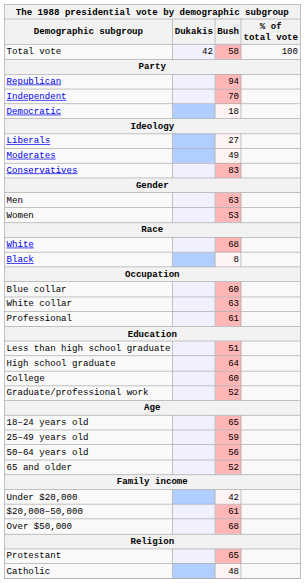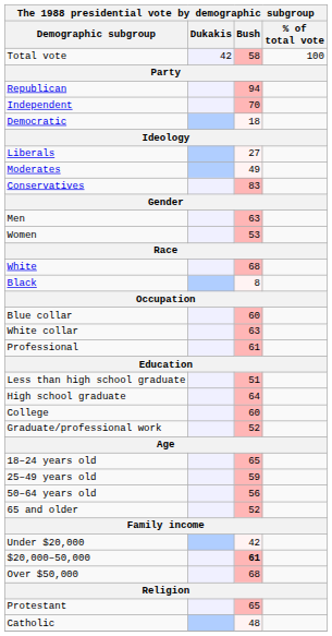 <table class=wikitable>
 <tr>
 <th colspan="7">The 1988 presidential vote by demographic subgroup</th>
 </tr>
 <tr>
 <th>Demographic subgroup</th>
 <th>Dukakis</th>
 <th>Bush</th>
 <th>% of<br>total vote</th>
 </tr>
 <tr>
 <td>Total vote</td>
 <td style="text-align:right; background:#f0f0ff;">42</td>
 <td style="text-align:right; background:#ffb6b6;">58</td>
 <td style="text-align:right;">100</td>
 </tr>
 <tr>
 <th colspan=4>Party</th>
 </tr>
 <tr>
 <td><a href='#'>Republican</a></td>
 <td style="text-align:right; background:#f0f0ff;"></td>
 <td style="text-align:right; background:#ffb6b6;">94</td>
 <td style="text-align:right;"></td>
 </tr>
 <tr>
 <td><a href='#'>Independent</a></td>
 <td style="text-align:right; background:#f0f0ff;"></td>
 <td style="text-align:right; background:#ffb6b6;">70</td>
 <td style="text-align:right;"></td>
 </tr>
 <tr>
 <td><a href='#'>Democratic</a></td>
 <td style="text-align:right; background:#b0ceff;"></td>
 <td style="text-align:right; background:#fff3f3;">18</td>
 <td style="text-align:right;"></td>
 </tr>
 <tr>
 <th colspan=4>Ideology</th>
 </tr>
 <tr>
 <td><a href='#'>Liberals</a></td>
 <td style="text-align:right; background:#b0ceff;"></td>
 <td style="text-align:right; background:#fff3f3;">27</td>
 <td style="text-align:right;"></td>
 </tr>
 <tr>
 <td><a href='#'>Moderates</a></td>
 <td style="text-align:right; background:#b0ceff;"></td>
 <td style="text-align:right; background:#fff3f3;">49</td>
 <td style="text-align:right;"></td>
 </tr>
 <tr>
 <td><a href='#'>Conservatives</a></td>
 <td style="text-align:right; background:#f0f0ff;"></td>
 <td style="text-align:right; background:#ffb6b6;">83</td>
 <td style="text-align:right;"></td>
 </tr>
 <tr>
 <th colspan=4>Gender</th>
 </tr>
 <tr>
 <td>Men</td>
 <td style="text-align:right; background:#f0f0ff;"></td>
 <td style="text-align:right; background:#ffb6b6;">63</td>
 <td style="text-align:right;"></td>
 </tr>
 <tr>
 <td>Women</td>
 <td style="text-align:right; background:#f0f0ff;"></td>
 <td style="text-align:right; background:#ffb6b6;">53</td>
 <td style="text-align:right;"></td>
 </tr>
 <tr>
 <th colspan=4>Race</th>
 </tr>
 <tr>
 <td><a href='#'>White</a></td>
 <td style="text-align:right; background:#f0f0ff;"></td>
 <td style="text-align:right; background:#ffb6b6;">68</td>
 <td style="text-align:right;"></td>
 </tr>
 <tr>
 <td><a href='#'>Black</a></td>
 <td style="text-align:right; background:#b0ceff;"></td>
 <td style="text-align:right; background:#fff3f3;">8</td>
 <td style="text-align:right;"></td>
 </tr>
 <tr>
 <th colspan=4>Occupation</th>
 </tr>
 <tr>
 <td>Blue collar</td>
 <td style="text-align:right; background:#f0f0ff;"></td>
 <td style="text-align:right; background:#ffb6b6;">60</td>
 <td style="text-align:right;"></td>
 </tr>
 <tr>
 <td>White collar</td>
 <td style="text-align:right; background:#f0f0ff;"></td>
 <td style="text-align:right; background:#ffb6b6;">63</td>
 <td style="text-align:right;"></td>
 </tr>
 <tr>
 <td>Professional</td>
 <td style="text-align:right; background:#f0f0ff;"></td>
 <td style="text-align:right; background:#ffb6b6;">61</td>
 <td style="text-align:right;"></td>
 </tr>
 <tr>
 <th colspan=4>Education</th>
 </tr>
 <tr>
 <td>Less than high school graduate</td>
 <td style="text-align:right; background:#f0f0ff;"></td>
 <td style="text-align:right; background:#ffb6b6;">51</td>
 <td style="text-align:right;"></td>
 </tr>
 <tr>
 <td>High school graduate</td>
 <td style="text-align:right; background:#f0f0ff;"></td>
 <td style="text-align:right; background:#ffb6b6;">64</td>
 <td style="text-align:right;"></td>
 </tr>
 <tr>
 <td>College</td>
 <td style="text-align:right; background:#f0f0ff;"></td>
 <td style="text-align:right; background:#ffb6b6;">60</td>
 <td style="text-align:right;"></td>
 </tr>
 <tr>
 <td>Graduate/professional work</td>
 <td style="text-align:right; background:#f0f0ff;"></td>
 <td style="text-align:right; background:#ffb6b6;">52</td>
 <td style="text-align:right;"></td>
 </tr>
 <tr>
 <th colspan=4>Age</th>
 </tr>
 <tr>
 <td>18–24 years old</td>
 <td style="text-align:right; background:#f0f0ff;"></td>
 <td style="text-align:right; background:#ffb6b6;">65</td>
 <td style="text-align:right;"></td>
 </tr>
 <tr>
 <td>25–49 years old</td>
 <td style="text-align:right; background:#f0f0ff;"></td>
 <td style="text-align:right; background:#ffb6b6;">59</td>
 <td style="text-align:right;"></td>
 </tr>
 <tr>
 <td>50–64 years old</td>
 <td style="text-align:right; background:#f0f0ff;"></td>
 <td style="text-align:right; background:#ffb6b6;">56</td>
 <td style="text-align:right;"></td>
 </tr>
 <tr>
 <td>65 and older</td>
 <td style="text-align:right; background:#f0f0ff;"></td>
 <td style="text-align:right; background:#ffb6b6;">52</td>
 <td style="text-align:right;"></td>
 </tr>
 <tr>
 <th colspan=4>Family income</th>
 </tr>
 <tr>
 <td>Under $20,000</td>
 <td style="text-align:right; background:#b0ceff;"></td>
 <td style="text-align:right; background:#fff3f3;">42</td>
 <td style="text-align:right;"></td>
 </tr>
 <tr>
 <td>$20,000–50,000</td>
 <td style="text-align:right; background:#f0f0ff;"></td>
-<td style="text-align:right; background:#ffb6b6;">61</td>
+<td style="text-align:right; background:#ffb6b6;"><strong>61</strong></td>
 <td style="text-align:right;"></td>
 </tr>
 <tr>
 <td>Over $50,000</td>
 <td style="text-align:right; background:#f0f0ff;"></td>
 <td style="text-align:right; background:#ffb6b6;">68</td>
 <td style="text-align:right;"></td>
 </tr>
 <tr>
 <th colspan=4>Religion</th>
 </tr>
 <tr>
 <td>Protestant</td>
 <td style="text-align:right; background:#f0f0ff;"></td>
 <td style="text-align:right; background:#ffb6b6;">65</td>
 <td style="text-align:right;"></td>
 </tr>
 <tr>
 <td>Catholic</td>
 <td style="text-align:right; background:#b0ceff;"></td>
 <td style="text-align:right; background:#fff3f3;">48</td>
 <td style="text-align:right;"></td>
 </tr>
 <tr>
 </tr>
 </table>
